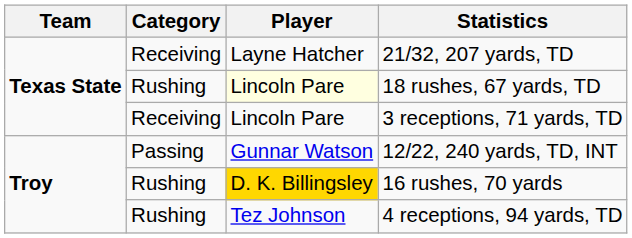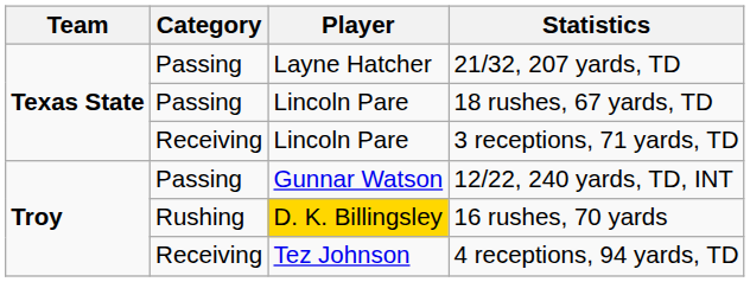 <table class="wikitable" style="float: left;">
 <tr>
 <th>Team</th>
 <th>Category</th>
 <th>Player</th>
 <th>Statistics</th>
 </tr>
 <tr>
 <td rowspan=3><strong>Texas State</strong></td>
-<td>Receiving</td>
+<td>Passing</td>
 <td>Layne Hatcher</td>
 <td>21/32, 207 yards, TD</td>
 </tr>
 <tr>
-<td>Rushing</td>
-<td style="background: lightyellow;">Lincoln Pare</td>
+<td>Passing</td>
+<td>Lincoln Pare</td>
 <td>18 rushes, 67 yards, TD</td>
 </tr>
 <tr>
 <td>Receiving</td>
 <td>Lincoln Pare</td>
 <td>3 receptions, 71 yards, TD</td>
 </tr>
 <tr>
 <td rowspan=3><strong>Troy</strong></td>
 <td>Passing</td>
 <td><a href='#'>Gunnar Watson</a></td>
 <td>12/22, 240 yards, TD, INT</td>
 </tr>
 <tr>
 <td>Rushing</td>
 <td style="background: gold;">D. K. Billingsley</td>
 <td>16 rushes, 70 yards</td>
 </tr>
 <tr>
-<td>Rushing</td>
+<td>Receiving</td>
 <td><a href='#'>Tez Johnson</a></td>
 <td>4 receptions, 94 yards, TD</td>
 </tr>
 </table>
